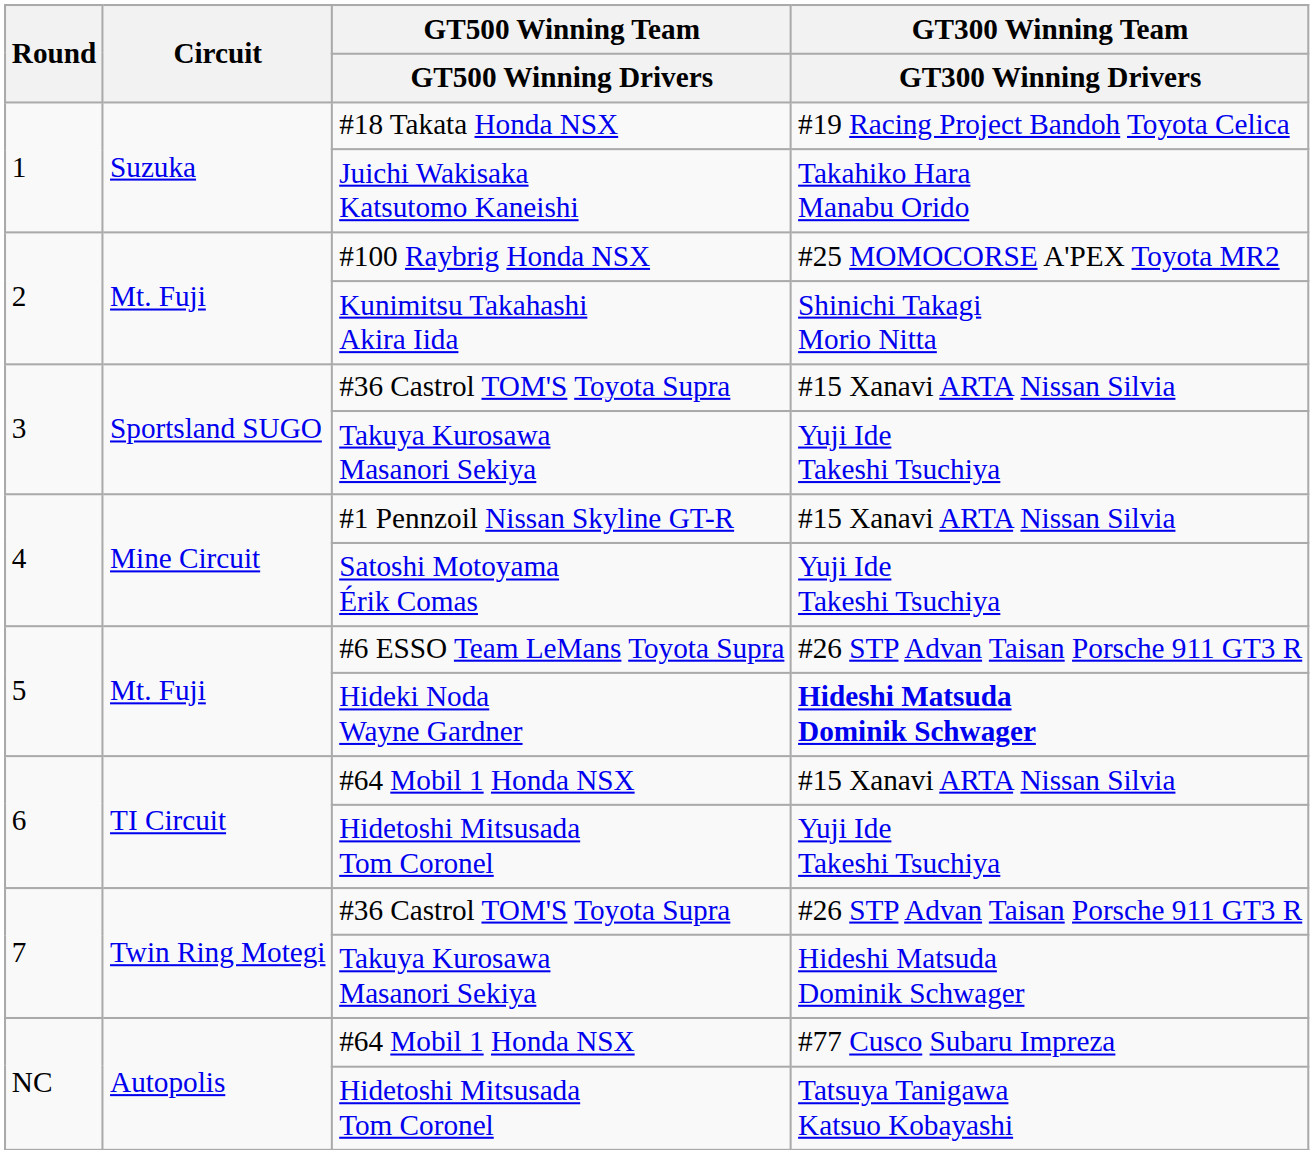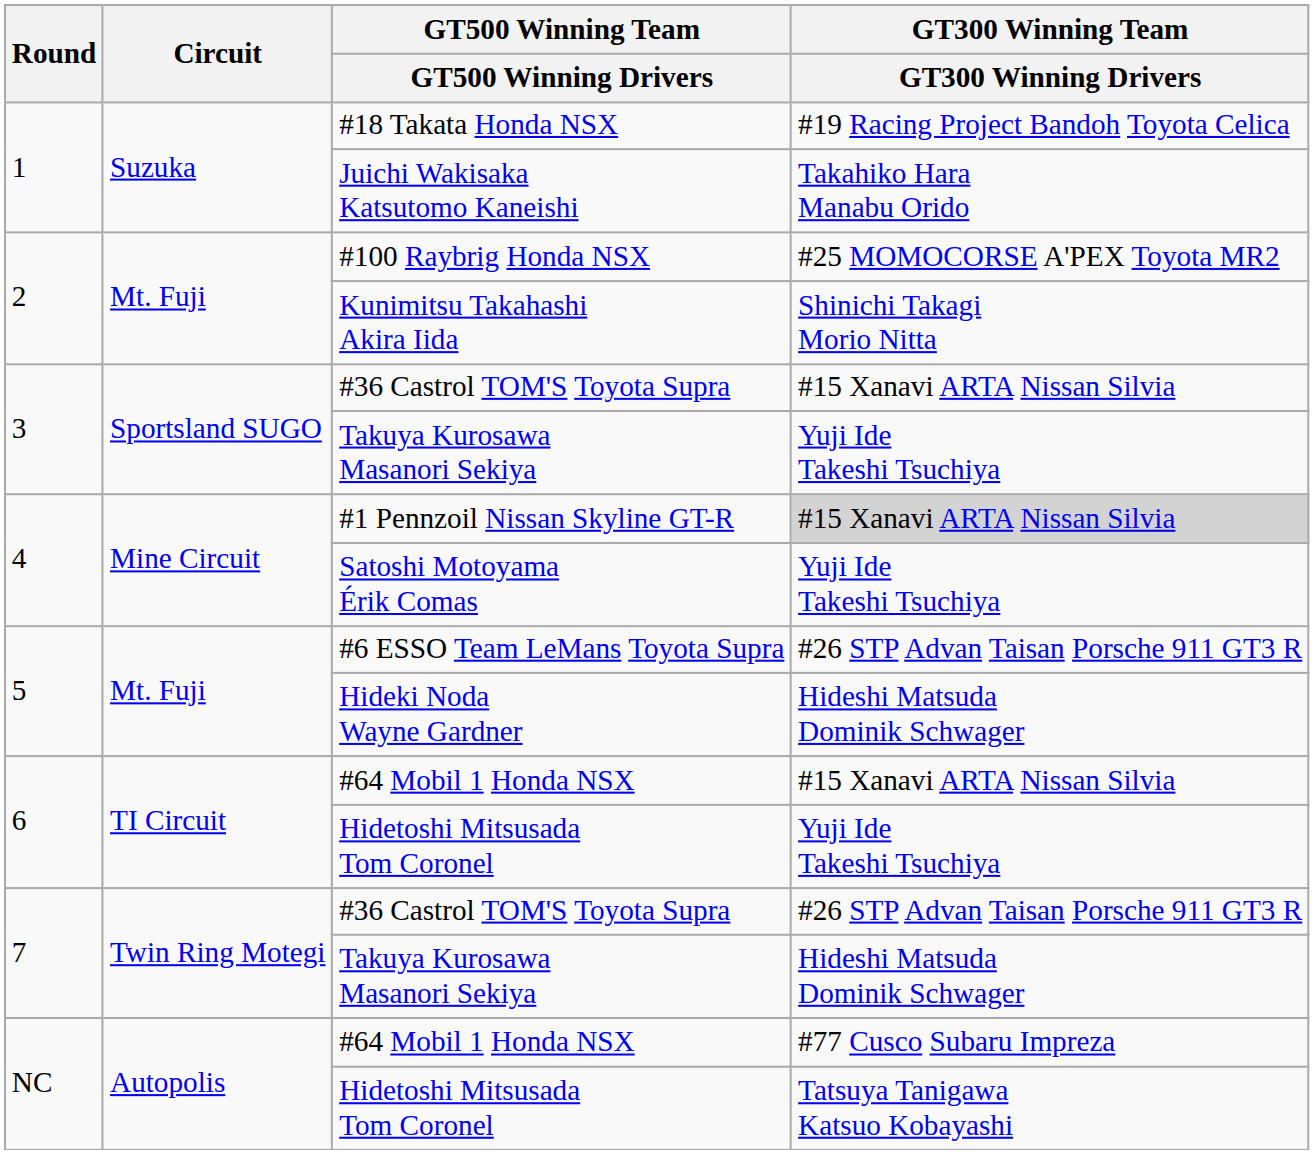 <table class="wikitable" style="font-size: 90%;">
 <tr>
 <th rowspan=2>Round</th>
 <th rowspan=2>Circuit</th>
 <th>GT500 Winning Team</th>
 <th>GT300 Winning Team</th>
 </tr>
 <tr>
 <th>GT500 Winning Drivers</th>
 <th>GT300 Winning Drivers</th>
 </tr>
 <tr>
 <td rowspan=2>1</td>
 <td rowspan=2><a href='#'>Suzuka</a></td>
 <td> #18 Takata <a href='#'>Honda NSX</a></td>
 <td> #19 <a href='#'>Racing Project Bandoh</a> <a href='#'>Toyota Celica</a></td>
 </tr>
 <tr>
 <td> <a href='#'>Juichi Wakisaka</a><br> <a href='#'>Katsutomo Kaneishi</a></td>
 <td> <a href='#'>Takahiko Hara</a><br> <a href='#'>Manabu Orido</a></td>
 </tr>
 <tr>
 <td rowspan=2>2</td>
 <td rowspan=2><a href='#'>Mt. Fuji</a></td>
 <td> #100 <a href='#'>Raybrig</a> <a href='#'>Honda NSX</a></td>
 <td> #25 <a href='#'>MOMOCORSE</a> A'PEX <a href='#'>Toyota MR2</a></td>
 </tr>
 <tr>
 <td> <a href='#'>Kunimitsu Takahashi</a><br> <a href='#'>Akira Iida</a></td>
 <td> <a href='#'>Shinichi Takagi</a><br> <a href='#'>Morio Nitta</a></td>
 </tr>
 <tr>
 <td rowspan=2>3</td>
 <td rowspan=2><a href='#'>Sportsland SUGO</a></td>
 <td> #36 Castrol <a href='#'>TOM'S</a> <a href='#'>Toyota Supra</a></td>
 <td> #15 Xanavi <a href='#'>ARTA</a> <a href='#'>Nissan Silvia</a></td>
 </tr>
 <tr>
 <td> <a href='#'>Takuya Kurosawa</a><br> <a href='#'>Masanori Sekiya</a></td>
 <td> <a href='#'>Yuji Ide</a><br> <a href='#'>Takeshi Tsuchiya</a></td>
 </tr>
 <tr>
 <td rowspan=2>4</td>
 <td rowspan=2><a href='#'>Mine Circuit</a></td>
 <td> #1 Pennzoil <a href='#'>Nissan Skyline GT-R</a></td>
-<td> #15 Xanavi <a href='#'>ARTA</a> <a href='#'>Nissan Silvia</a></td>
+<td style="background: lightgrey;"> #15 Xanavi <a href='#'>ARTA</a> <a href='#'>Nissan Silvia</a></td>
 </tr>
 <tr>
 <td> <a href='#'>Satoshi Motoyama</a><br> <a href='#'>Érik Comas</a></td>
 <td> <a href='#'>Yuji Ide</a><br> <a href='#'>Takeshi Tsuchiya</a></td>
 </tr>
 <tr>
 <td rowspan=2>5</td>
 <td rowspan=2><a href='#'>Mt. Fuji</a></td>
 <td> #6 ESSO <a href='#'>Team LeMans</a> <a href='#'>Toyota Supra</a></td>
 <td> #26 <a href='#'>STP</a> <a href='#'>Advan</a> <a href='#'>Taisan</a> <a href='#'>Porsche 911 GT3 R</a></td>
 </tr>
 <tr>
 <td> <a href='#'>Hideki Noda</a><br> <a href='#'>Wayne Gardner</a></td>
-<td><strong> <a href='#'>Hideshi Matsuda</a><br> <a href='#'>Dominik Schwager</a></strong></td>
+<td> <a href='#'>Hideshi Matsuda</a><br> <a href='#'>Dominik Schwager</a></td>
 </tr>
 <tr>
 <td rowspan=2>6</td>
 <td rowspan=2><a href='#'>TI Circuit</a></td>
 <td> #64 <a href='#'>Mobil 1</a> <a href='#'>Honda NSX</a></td>
 <td> #15 Xanavi <a href='#'>ARTA</a> <a href='#'>Nissan Silvia</a></td>
 </tr>
 <tr>
 <td> <a href='#'>Hidetoshi Mitsusada</a><br> <a href='#'>Tom Coronel</a></td>
 <td> <a href='#'>Yuji Ide</a><br> <a href='#'>Takeshi Tsuchiya</a></td>
 </tr>
 <tr>
 <td rowspan=2>7</td>
 <td rowspan=2><a href='#'>Twin Ring Motegi</a></td>
 <td> #36 Castrol <a href='#'>TOM'S</a> <a href='#'>Toyota Supra</a></td>
 <td> #26 <a href='#'>STP</a> <a href='#'>Advan</a> <a href='#'>Taisan</a> <a href='#'>Porsche 911 GT3 R</a></td>
 </tr>
 <tr>
 <td> <a href='#'>Takuya Kurosawa</a><br> <a href='#'>Masanori Sekiya</a></td>
 <td> <a href='#'>Hideshi Matsuda</a><br> <a href='#'>Dominik Schwager</a></td>
 </tr>
 <tr>
 <td rowspan=2>NC</td>
 <td rowspan=2><a href='#'>Autopolis</a></td>
 <td> #64 <a href='#'>Mobil 1</a> <a href='#'>Honda NSX</a></td>
 <td> #77 <a href='#'>Cusco</a> <a href='#'>Subaru Impreza</a></td>
 </tr>
 <tr>
 <td> <a href='#'>Hidetoshi Mitsusada</a><br> <a href='#'>Tom Coronel</a></td>
 <td> <a href='#'>Tatsuya Tanigawa</a><br> <a href='#'>Katsuo Kobayashi</a></td>
 </tr>
 <tr>
 </tr>
 </table>
